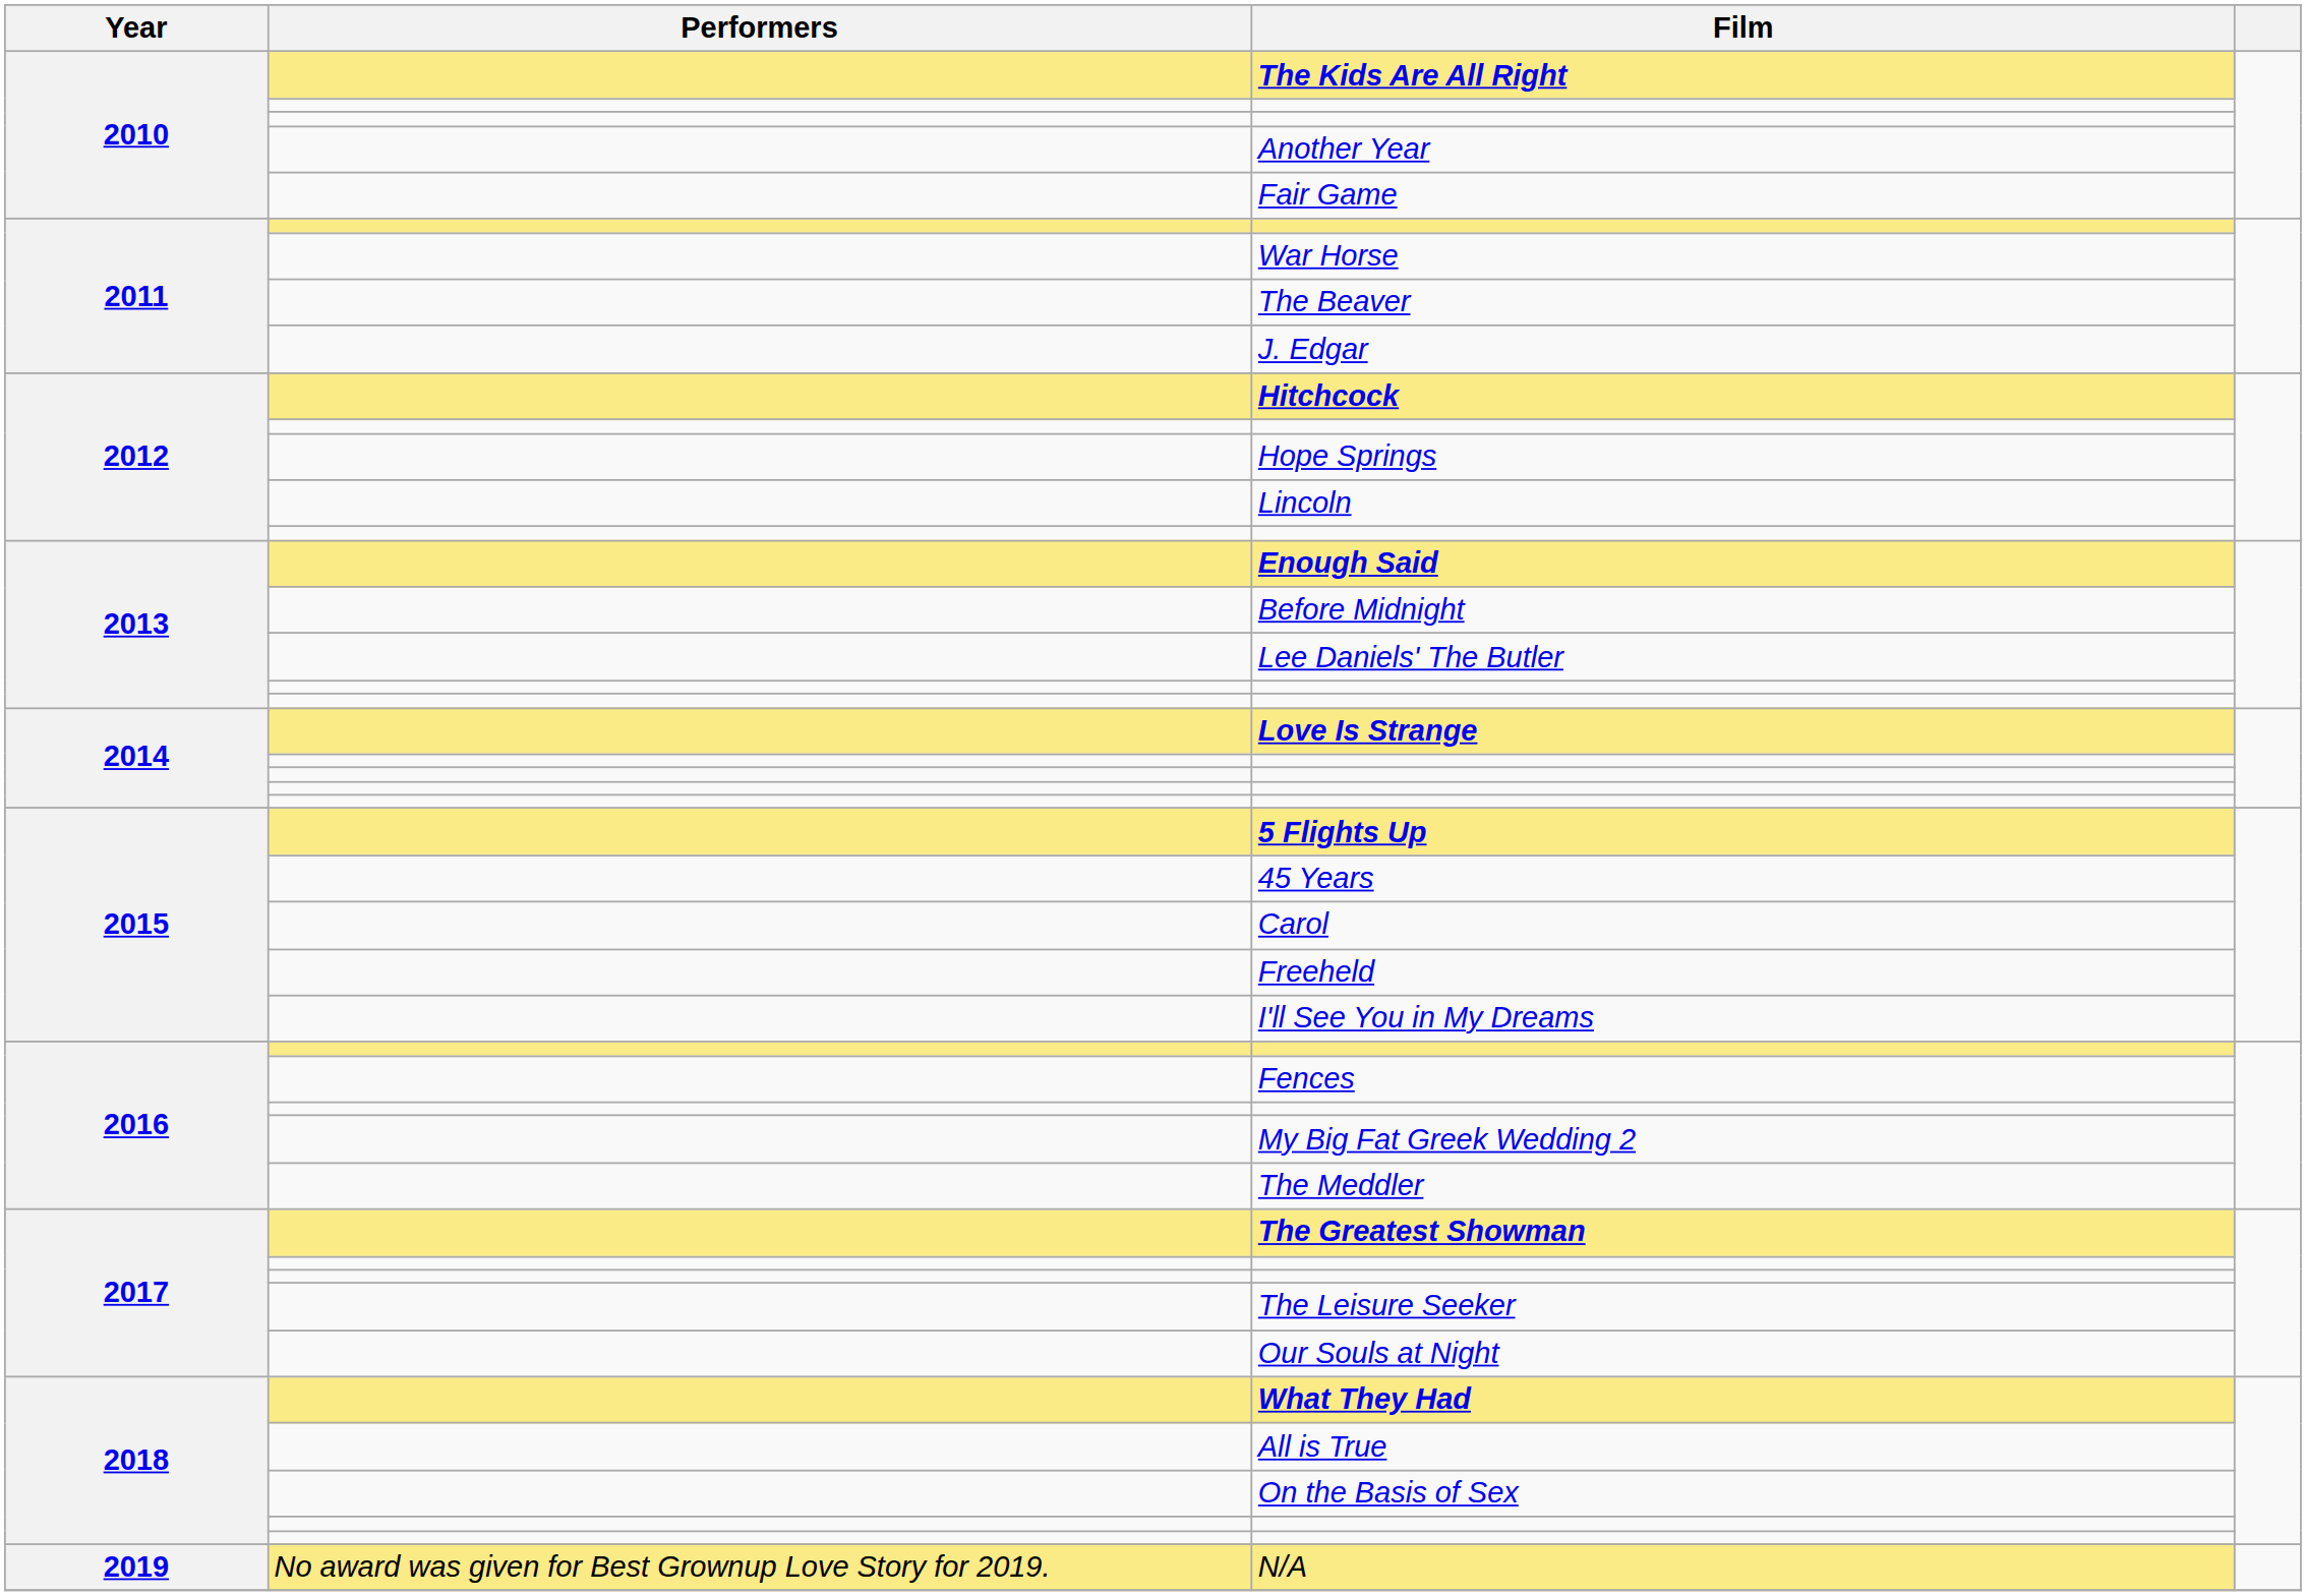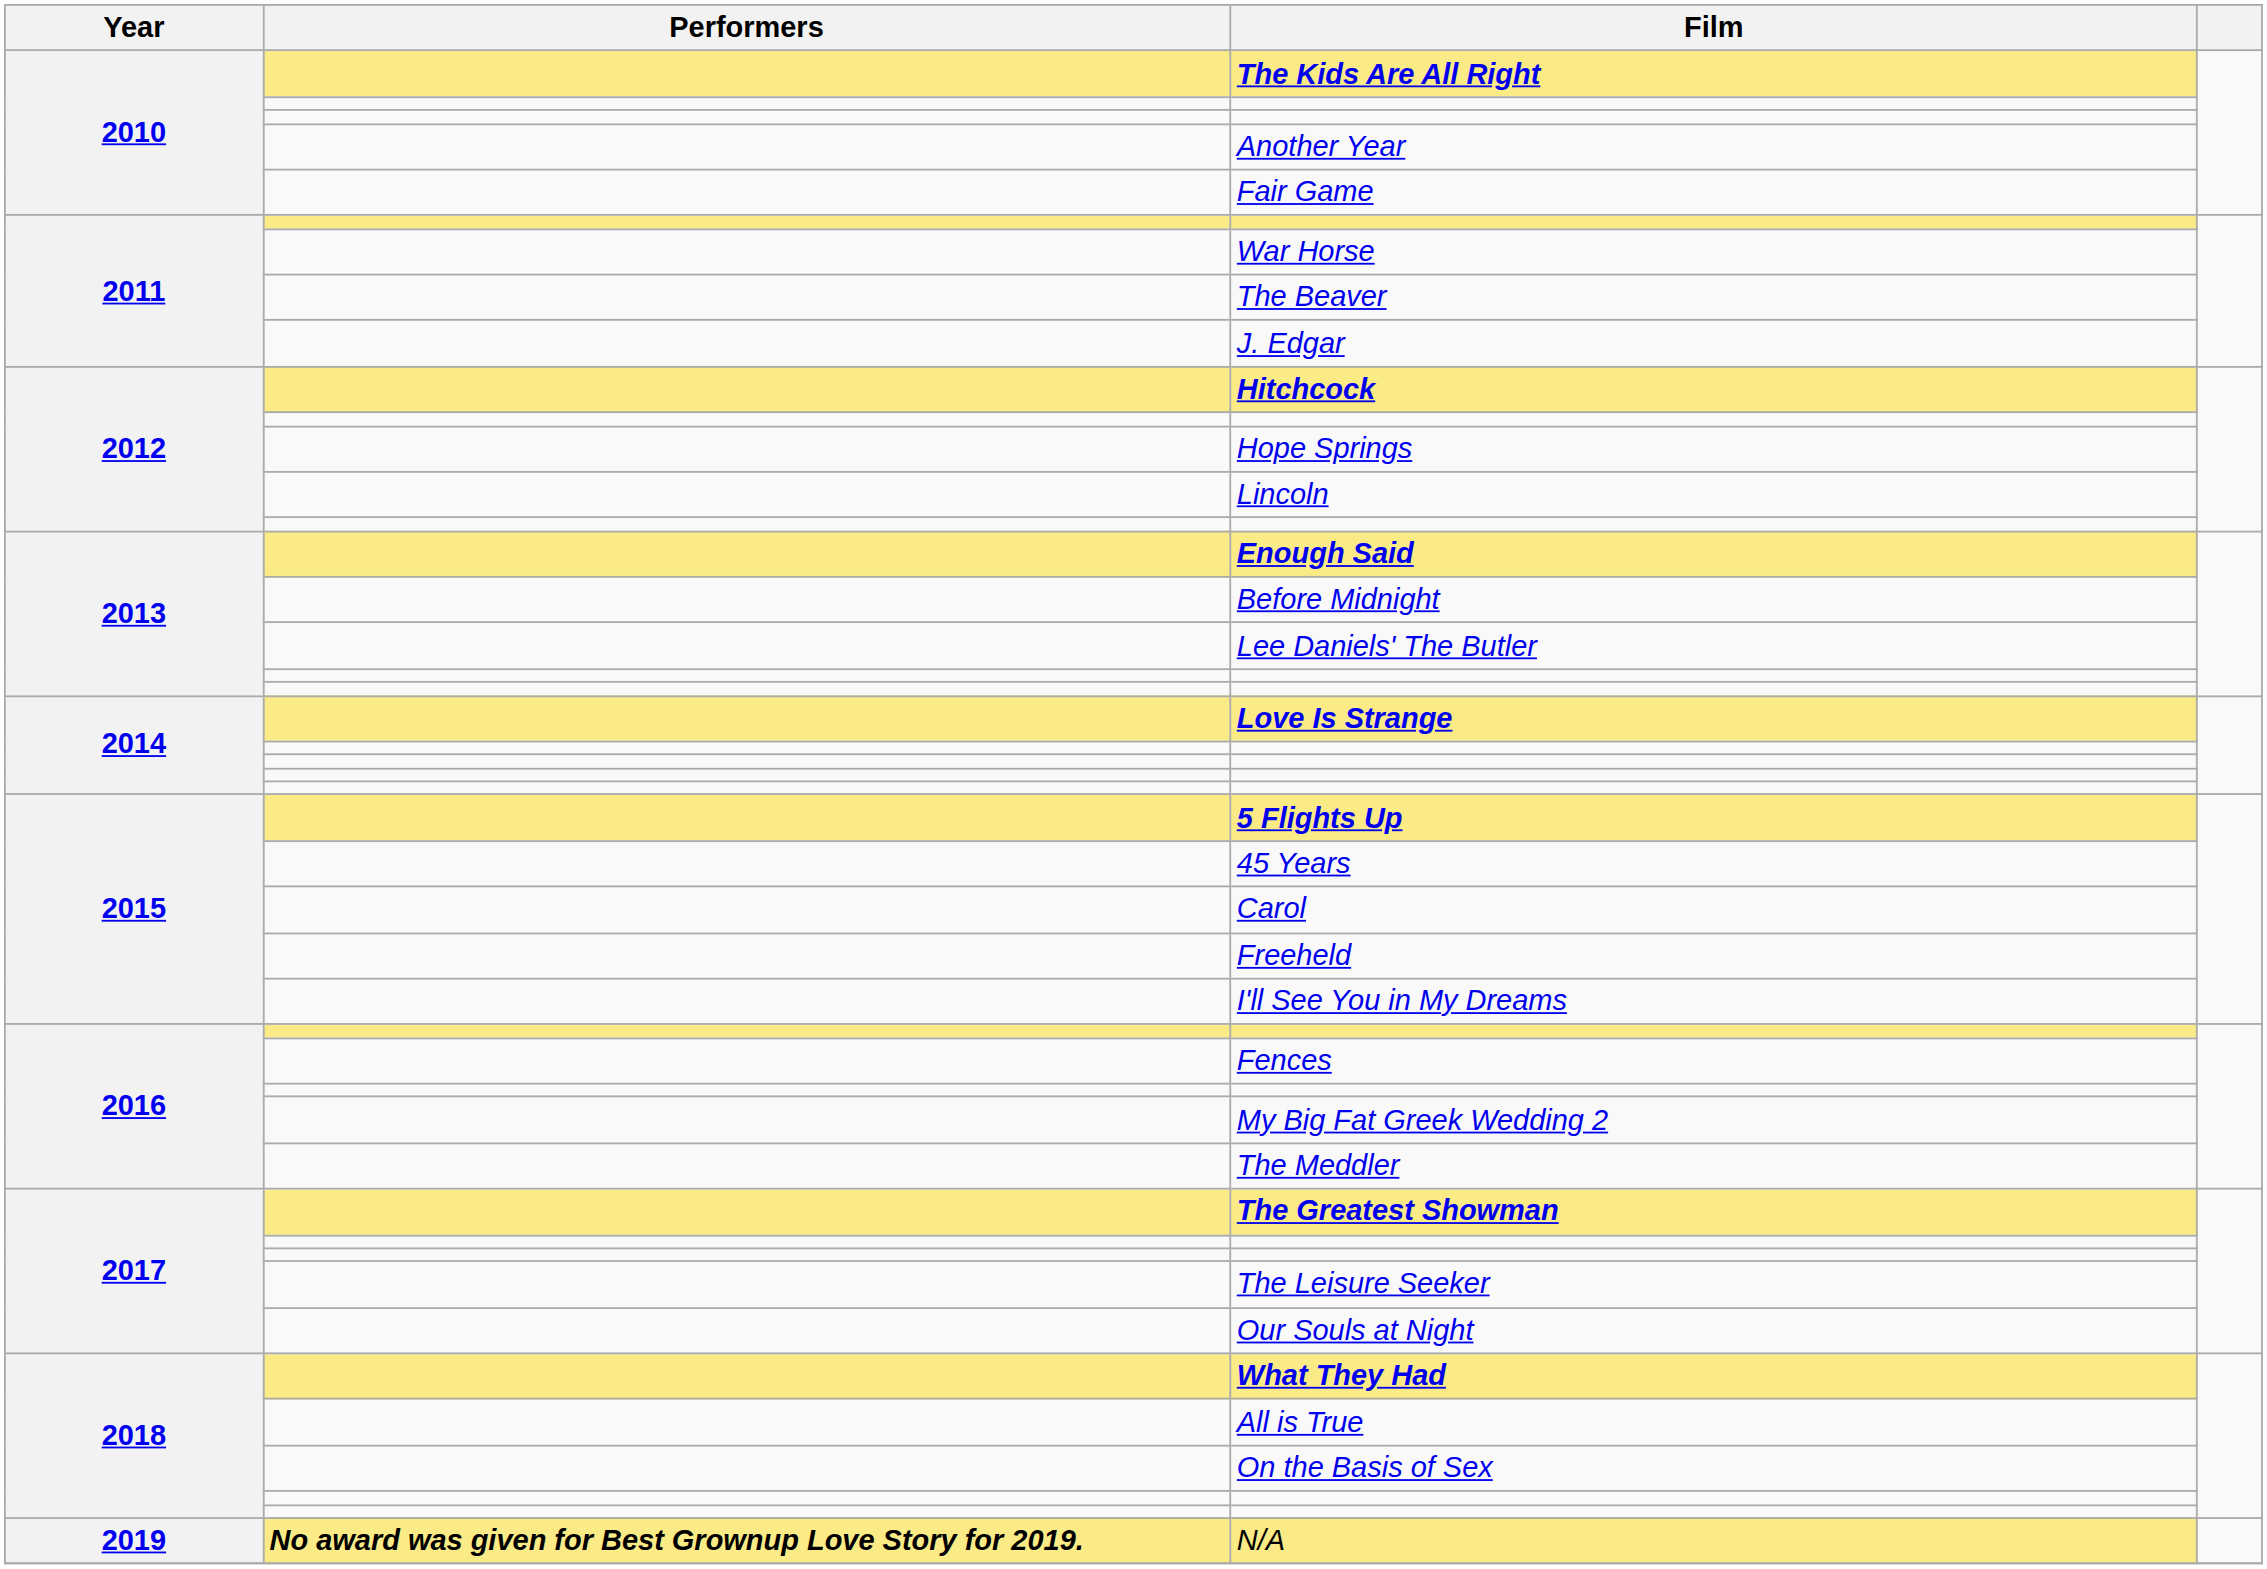 <table class="wikitable">
 <tr>
 <th scope="col" style="width:8%;">Year</th>
 <th scope="col" style="width:30%;">Performers</th>
 <th scope="col" style="width:30%;">Film</th>
 <th scope="col" style="width:2%;"></th>
 </tr>
 <tr>
 <th scope="row" rowspan=5 style="text-align:center;"><a href='#'>2010</a><br></th>
 <td style="background:#FAEB86;"><strong></strong></td>
 <td style="background:#FAEB86;"><strong><em><a href='#'>The Kids Are All Right</a> </em></strong></td>
 <td rowspan="5"></td>
 </tr>
 <tr>
 <td></td>
 <td></td>
 </tr>
 <tr>
 <td></td>
 <td></td>
 </tr>
 <tr>
 <td></td>
 <td><em><a href='#'>Another Year</a></em></td>
 </tr>
 <tr>
 <td></td>
 <td><em><a href='#'>Fair Game</a></em></td>
 </tr>
 <tr>
 <th scope="row" rowspan=4 style="text-align:center;"><a href='#'>2011</a><br></th>
 <td style="background:#FAEB86;"><strong></strong></td>
 <td style="background:#FAEB86;"><strong></strong></td>
 <td rowspan="4"></td>
 </tr>
 <tr>
 <td></td>
 <td><em><a href='#'>War Horse</a></em></td>
 </tr>
 <tr>
 <td></td>
 <td><em><a href='#'>The Beaver</a></em></td>
 </tr>
 <tr>
 <td></td>
 <td><em><a href='#'>J. Edgar</a></em></td>
 </tr>
 <tr>
 <th scope="row" rowspan=5 style="text-align:center;"><a href='#'>2012</a><br></th>
 <td style="background:#FAEB86;"><strong></strong></td>
 <td style="background:#FAEB86;"><strong><em><a href='#'>Hitchcock</a> </em></strong></td>
 <td rowspan="5"></td>
 </tr>
 <tr>
 <td></td>
 <td></td>
 </tr>
 <tr>
 <td></td>
 <td><em><a href='#'>Hope Springs</a></em></td>
 </tr>
 <tr>
 <td></td>
 <td><em><a href='#'>Lincoln</a></em></td>
 </tr>
 <tr>
 <td></td>
 <td></td>
 </tr>
 <tr>
 <th scope="row" rowspan=5 style="text-align:center;"><a href='#'>2013</a><br></th>
 <td style="background:#FAEB86;"><strong></strong></td>
 <td style="background:#FAEB86;"><strong><em><a href='#'>Enough Said</a> </em></strong></td>
 <td rowspan="5"></td>
 </tr>
 <tr>
 <td></td>
 <td><em><a href='#'>Before Midnight</a></em></td>
 </tr>
 <tr>
 <td></td>
 <td><em><a href='#'>Lee Daniels' The Butler</a></em></td>
 </tr>
 <tr>
 <td></td>
 <td></td>
 </tr>
 <tr>
 <td></td>
 <td></td>
 </tr>
 <tr>
 <th scope="row" rowspan=5 style="text-align:center;"><a href='#'>2014</a><br></th>
 <td style="background:#FAEB86;"><strong></strong></td>
 <td style="background:#FAEB86;"><strong><em><a href='#'>Love Is Strange</a> </em></strong></td>
 <td rowspan="5"></td>
 </tr>
 <tr>
 <td></td>
 <td></td>
 </tr>
 <tr>
 <td></td>
 <td></td>
 </tr>
 <tr>
 <td></td>
 <td></td>
 </tr>
 <tr>
 <td></td>
 <td></td>
 </tr>
 <tr>
 <th scope="row" rowspan=5 style="text-align:center;"><a href='#'>2015</a><br></th>
 <td style="background:#FAEB86;"><strong></strong></td>
 <td style="background:#FAEB86;"><strong><em><a href='#'>5 Flights Up</a> </em></strong></td>
 <td rowspan="5"></td>
 </tr>
 <tr>
 <td></td>
 <td><em><a href='#'>45 Years</a></em></td>
 </tr>
 <tr>
 <td></td>
 <td><em><a href='#'>Carol</a></em></td>
 </tr>
 <tr>
 <td></td>
 <td><em><a href='#'>Freeheld</a></em></td>
 </tr>
 <tr>
 <td></td>
 <td><em><a href='#'>I'll See You in My Dreams</a></em></td>
 </tr>
 <tr>
 <th scope="row" rowspan=5 style="text-align:center;"><a href='#'>2016</a><br></th>
 <td style="background:#FAEB86;"><strong></strong></td>
 <td style="background:#FAEB86;"><strong></strong></td>
 <td rowspan="5"></td>
 </tr>
 <tr>
 <td></td>
 <td><em><a href='#'>Fences</a></em></td>
 </tr>
 <tr>
 <td></td>
 <td></td>
 </tr>
 <tr>
 <td></td>
 <td><em><a href='#'>My Big Fat Greek Wedding 2</a></em></td>
 </tr>
 <tr>
 <td></td>
 <td><em><a href='#'>The Meddler</a></em></td>
 </tr>
 <tr>
 <th scope="row" rowspan=5 style="text-align:center;"><a href='#'>2017</a><br></th>
 <td style="background:#FAEB86;"><strong></strong></td>
 <td style="background:#FAEB86;"><strong><em><a href='#'>The Greatest Showman</a> </em></strong></td>
 <td rowspan="5"></td>
 </tr>
 <tr>
 <td></td>
 <td></td>
 </tr>
 <tr>
 <td></td>
 <td></td>
 </tr>
 <tr>
 <td></td>
 <td><em><a href='#'>The Leisure Seeker</a></em></td>
 </tr>
 <tr>
 <td></td>
 <td><em><a href='#'>Our Souls at Night</a></em></td>
 </tr>
 <tr>
 <th scope="row" rowspan=5 style="text-align:center;"><a href='#'>2018</a><br></th>
 <td style="background:#FAEB86;"><strong></strong></td>
 <td style="background:#FAEB86;"><strong><em><a href='#'>What They Had</a></em></strong></td>
 <td rowspan="5"></td>
 </tr>
 <tr>
 <td></td>
 <td><em><a href='#'>All is True</a></em></td>
 </tr>
 <tr>
 <td></td>
 <td><em><a href='#'>On the Basis of Sex</a></em></td>
 </tr>
 <tr>
 <td></td>
 <td></td>
 </tr>
 <tr>
 <td></td>
 <td></td>
 </tr>
 <tr>
 <th scope="row" rowspan=1 style="text-align:center;"><a href='#'>2019</a><br></th>
-<td style="background:#FAEB86;"><em>No award was given for Best Grownup Love Story for 2019.</em></td>
+<td style="background:#FAEB86;"><strong><em>No award was given for Best Grownup Love Story for 2019.</em></strong></td>
 <td style="background:#FAEB86;"><em>N/A</em></td>
 <td rowspan="1"></td>
 </tr>
 <tr>
 </tr>
 </table>
